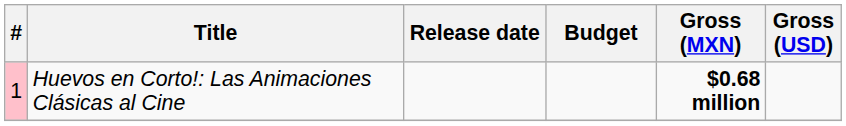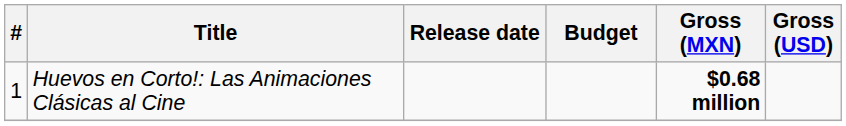 <table class="wikitable sortable" style="text-align: right;">
 <tr>
 <th width=10>#</th>
 <th width=275>Title</th>
 <th width=100>Release date</th>
 <th width=75>Budget</th>
 <th width=75>Gross (<a href='#'>MXN</a>)</th>
 <th width=50>Gross (<a href='#'>USD</a>)</th>
 </tr>
 <tr>
-<td align="center" style="background: pink;">1</td>
+<td align="center">1</td>
 <td align="left"><em>Huevos en Corto!: Las Animaciones Clásicas al Cine</em></td>
 <td></td>
 <td></td>
 <td><strong>$0.68 million</strong></td>
 <td></td>
 </tr>
 <tr>
 </tr>
 </table>
